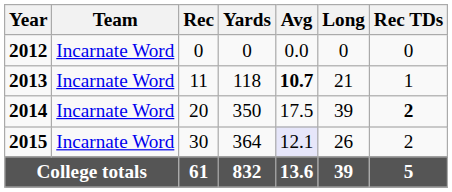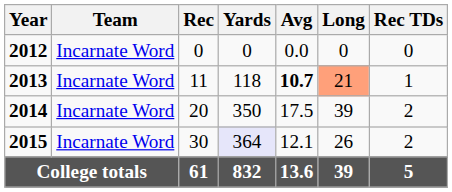 <table class="wikitable" style="text-align:center;">
 <tr>
 <th>Year</th>
 <th>Team</th>
 <th>Rec</th>
 <th>Yards</th>
 <th>Avg</th>
 <th>Long</th>
 <th>Rec TDs</th>
 </tr>
 <tr>
 <td><strong>2012</strong></td>
 <td><a href='#'>Incarnate Word</a></td>
 <td>0</td>
 <td>0</td>
 <td>0.0</td>
 <td>0</td>
 <td>0</td>
 </tr>
 <tr>
 <td><strong>2013</strong></td>
 <td><a href='#'>Incarnate Word</a></td>
 <td>11</td>
 <td>118</td>
 <td><strong>10.7</strong></td>
-<td>21</td>
+<td style="background: lightsalmon;">21</td>
 <td>1</td>
 </tr>
 <tr>
 <td><strong>2014</strong></td>
 <td><a href='#'>Incarnate Word</a></td>
 <td>20</td>
 <td>350</td>
 <td>17.5</td>
 <td>39</td>
-<td><strong>2</strong></td>
+<td>2</td>
 </tr>
 <tr>
 <td><strong>2015</strong></td>
 <td><a href='#'>Incarnate Word</a></td>
 <td>30</td>
-<td>364</td>
-<td style="background: lavender;">12.1</td>
+<td style="background: lavender;">364</td>
+<td>12.1</td>
 <td>26</td>
 <td>2</td>
 </tr>
 <tr style="background:#555; font-weight:bold; color:white;">
 <td colspan=2>College totals</td>
 <td>61</td>
 <td>832</td>
 <td>13.6</td>
 <td>39</td>
 <td>5</td>
 </tr>
 </table>
